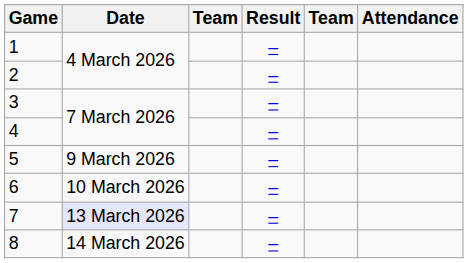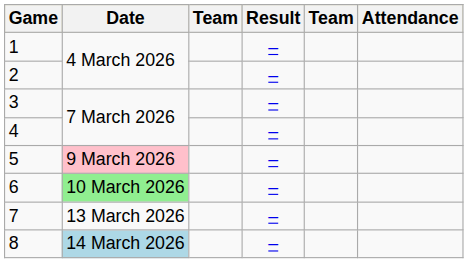 <table class="wikitable">
 <tr style="background:#BDB76B;">
 <th>Game</th>
 <th>Date</th>
 <th>Team</th>
 <th>Result</th>
 <th>Team</th>
 <th>Attendance</th>
 </tr>
 <tr>
 <td>1</td>
 <td rowspan="2">4 March 2026</td>
 <td></td>
 <td align="center"><a href='#'>–</a></td>
 <td></td>
 <td></td>
 </tr>
 <tr>
 <td>2</td>
 <td></td>
 <td align="center"><a href='#'>–</a></td>
 <td></td>
 </tr>
 <tr>
 <td>3</td>
 <td rowspan="2">7 March 2026</td>
 <td></td>
 <td align="center"><a href='#'>–</a></td>
 <td></td>
 <td></td>
 </tr>
 <tr>
 <td>4</td>
 <td></td>
 <td align="center"><a href='#'>–</a></td>
 <td></td>
 </tr>
 <tr>
 <td>5</td>
-<td>9 March 2026</td>
+<td style="background: pink;">9 March 2026</td>
 <td></td>
 <td align="center"><a href='#'>–</a></td>
 <td></td>
 <td></td>
 </tr>
 <tr>
 <td>6</td>
-<td>10 March 2026</td>
+<td style="background: lightgreen;">10 March 2026</td>
 <td></td>
 <td align="center"><a href='#'>–</a></td>
 <td></td>
 <td></td>
 </tr>
 <tr>
 <td>7</td>
-<td style="background: lavender;">13 March 2026</td>
+<td>13 March 2026</td>
 <td></td>
 <td align="center"><a href='#'>–</a></td>
 <td></td>
 <td></td>
 </tr>
 <tr>
 <td>8</td>
-<td>14 March 2026</td>
+<td style="background: lightblue;">14 March 2026</td>
 <td></td>
 <td align="center"><a href='#'>–</a></td>
 <td></td>
 <td></td>
 </tr>
 </table>
